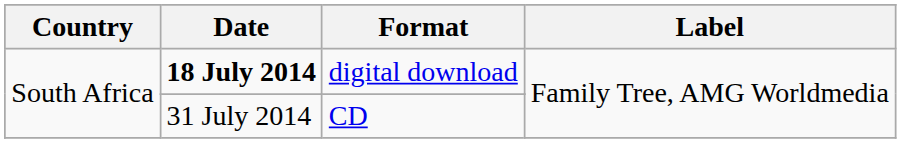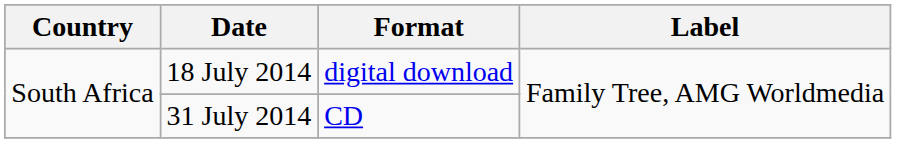 <table class="wikitable">
 <tr>
 <th>Country</th>
 <th>Date</th>
 <th>Format</th>
 <th>Label</th>
 </tr>
 <tr>
 <td rowspan = "4">South Africa</td>
-<td><strong>18 July 2014</strong></td>
+<td>18 July 2014</td>
 <td><a href='#'>digital download</a></td>
 <td rowspan = "4">Family Tree, AMG Worldmedia</td>
 </tr>
 <tr>
 <td rowspan = "3">31 July 2014</td>
 <td rowspan = "3"><a href='#'>CD</a></td>
 </tr>
 <tr>
 </tr>
 </table>
